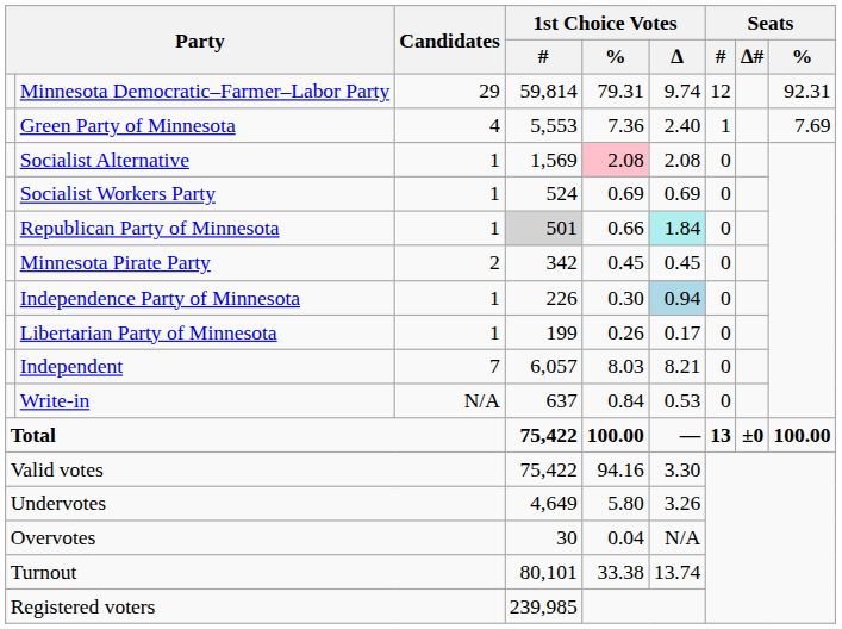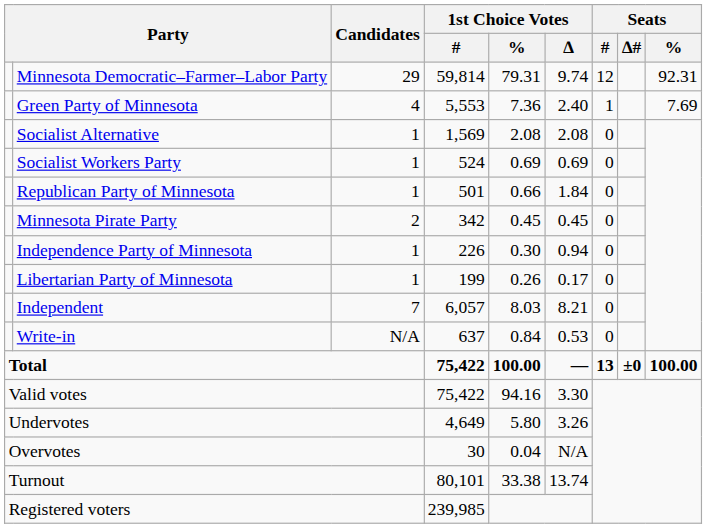 <table class="wikitable" style="font-size:95%">
 <tr>
 <th rowspan="2" colspan="2">Party</th>
 <th rowspan="2">Candidates</th>
 <th colspan="3">1st Choice Votes</th>
 <th colspan="3">Seats</th>
 </tr>
 <tr>
 <th>#</th>
 <th>%</th>
 <th>∆</th>
 <th>#</th>
 <th>∆#</th>
 <th>%</th>
 </tr>
 <tr>
 <td style="background-color:"></td>
 <td><a href='#'>Minnesota Democratic–Farmer–Labor Party</a></td>
 <td align="right">29</td>
 <td align="right">59,814</td>
 <td align="right">79.31</td>
 <td align="right">9.74</td>
 <td align="right">12</td>
 <td align="right"></td>
 <td align="right">92.31</td>
 </tr>
 <tr>
 <td style="background-color:"></td>
 <td><a href='#'>Green Party of Minnesota</a></td>
 <td align="right">4</td>
 <td align="right">5,553</td>
 <td align="right">7.36</td>
 <td align="right">2.40</td>
 <td align="right">1</td>
 <td align="right"></td>
 <td align="right">7.69</td>
 </tr>
 <tr>
 <td style="background-color:"></td>
 <td><a href='#'>Socialist Alternative</a></td>
 <td align="right">1</td>
 <td align="right">1,569</td>
-<td align="right" style="background: pink;">2.08</td>
+<td align="right">2.08</td>
 <td align="right">2.08</td>
 <td align="right">0</td>
 <td align="right"></td>
 </tr>
 <tr>
 <td style="background-color:"></td>
 <td><a href='#'>Socialist Workers Party</a></td>
 <td align="right">1</td>
 <td align="right">524</td>
 <td align="right">0.69</td>
 <td align="right">0.69</td>
 <td align="right">0</td>
 <td align="right"></td>
 </tr>
 <tr>
 <td style="background-color:"></td>
 <td><a href='#'>Republican Party of Minnesota</a></td>
 <td align="right">1</td>
-<td align="right" style="background: lightgrey;">501</td>
+<td align="right">501</td>
 <td align="right">0.66</td>
-<td align="right" style="background: paleturquoise;">1.84</td>
+<td align="right">1.84</td>
 <td align="right">0</td>
 <td align="right"></td>
 </tr>
 <tr>
 <td style="background-color:"></td>
 <td><a href='#'>Minnesota Pirate Party</a></td>
 <td align="right">2</td>
 <td align="right">342</td>
 <td align="right">0.45</td>
 <td align="right">0.45</td>
 <td align="right">0</td>
 <td align="right"></td>
 </tr>
 <tr>
 <td style="background-color:"></td>
 <td><a href='#'>Independence Party of Minnesota</a></td>
 <td align="right">1</td>
 <td align="right">226</td>
 <td align="right">0.30</td>
-<td align="right" style="background: lightblue;">0.94</td>
+<td align="right">0.94</td>
 <td align="right">0</td>
 <td align="right"></td>
 </tr>
 <tr>
 <td style="background-color:"></td>
 <td><a href='#'>Libertarian Party of Minnesota</a></td>
 <td align="right">1</td>
 <td align="right">199</td>
 <td align="right">0.26</td>
 <td align="right">0.17</td>
 <td align="right">0</td>
 <td align="right"></td>
 </tr>
 <tr>
 <td style="background-color:"></td>
 <td><a href='#'>Independent</a></td>
 <td align="right">7</td>
 <td align="right">6,057</td>
 <td align="right">8.03</td>
 <td align="right">8.21</td>
 <td align="right">0</td>
 <td align="right"></td>
 </tr>
 <tr>
 <td style="background-color:"></td>
 <td><a href='#'>Write-in</a></td>
 <td align="right">N/A</td>
 <td align="right">637</td>
 <td align="right">0.84</td>
 <td align="right">0.53</td>
 <td align="right">0</td>
 <td align="right"></td>
 </tr>
 <tr>
 <td colspan="3" align="left"><strong>Total</strong></td>
 <td align="right"><strong>75,422</strong></td>
 <td align="right"><strong>100.00</strong></td>
 <td align="right"><strong>—</strong></td>
 <td align="right"><strong>13</strong></td>
 <td align="right"><strong>±0</strong></td>
 <td align="right"><strong>100.00</strong></td>
 </tr>
 <tr>
 <td colspan="3" align="left">Valid votes</td>
 <td colspan="1" align="right">75,422</td>
 <td colspan="1" align="right">94.16</td>
 <td colspan="1" align="right">3.30</td>
 </tr>
 <tr>
 <td colspan="3" align="left">Undervotes</td>
 <td colspan="1" align="right">4,649</td>
 <td colspan="1" align="right">5.80</td>
 <td colspan="1" align="right">3.26</td>
 </tr>
 <tr>
 <td colspan="3" align="left">Overvotes</td>
 <td colspan="1" align="right">30</td>
 <td colspan="1" align="right">0.04</td>
 <td colspan="1" align="right">N/A</td>
 </tr>
 <tr>
 <td colspan="3" align="left">Turnout</td>
 <td colspan="1" align="right">80,101</td>
 <td colspan="1" align="right">33.38</td>
 <td colspan="1" align="right">13.74</td>
 </tr>
 <tr>
 <td colspan="3" align="left">Registered voters</td>
 <td colspan="1" align="right">239,985</td>
 <td colspan="2" align="right"></td>
 </tr>
 </table>
